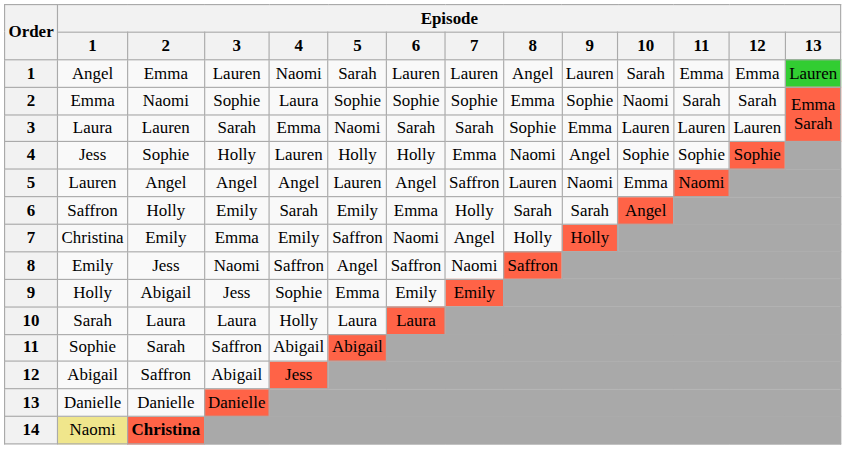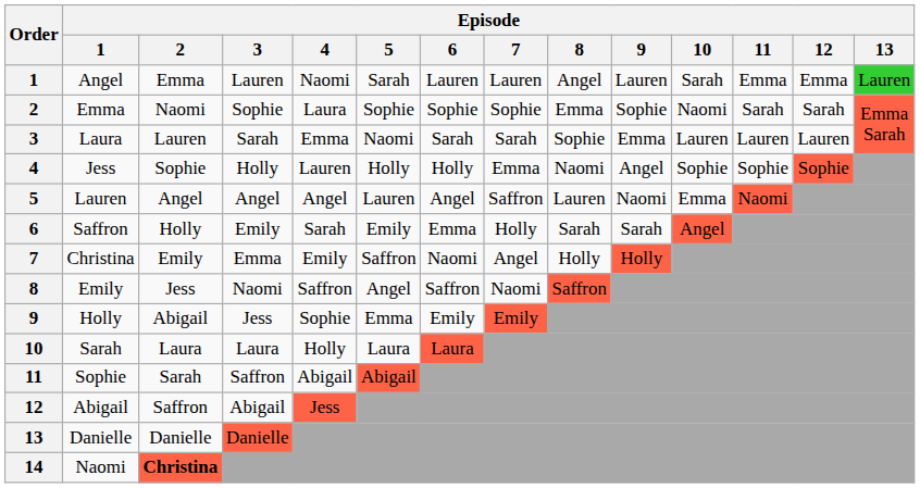 <table class="wikitable" style="text-align:center; font-size:92%">
 <tr>
 <th rowspan=2>Order</th>
 <th colspan=14>Episode</th>
 </tr>
 <tr>
 <th>1</th>
 <th>2</th>
 <th>3</th>
 <th>4</th>
 <th>5</th>
 <th>6</th>
 <th>7</th>
 <th>8</th>
 <th>9</th>
 <th>10</th>
 <th>11</th>
 <th>12</th>
 <th>13</th>
 </tr>
 <tr>
 <th>1</th>
 <td>Angel</td>
 <td>Emma</td>
 <td>Lauren</td>
 <td>Naomi</td>
 <td>Sarah</td>
 <td>Lauren</td>
 <td>Lauren</td>
 <td>Angel</td>
 <td>Lauren</td>
 <td>Sarah</td>
 <td>Emma</td>
 <td>Emma</td>
 <td bgcolor="limegreen">Lauren</td>
 </tr>
 <tr>
 <th>2</th>
 <td>Emma</td>
 <td>Naomi</td>
 <td>Sophie</td>
 <td>Laura</td>
 <td>Sophie</td>
 <td>Sophie</td>
 <td>Sophie</td>
 <td>Emma</td>
 <td>Sophie</td>
 <td>Naomi</td>
 <td>Sarah</td>
 <td>Sarah</td>
 <td rowspan="2" bgcolor="tomato">Emma<br>Sarah</td>
 </tr>
 <tr>
 <th>3</th>
 <td>Laura</td>
 <td>Lauren</td>
 <td>Sarah</td>
 <td>Emma</td>
 <td>Naomi</td>
 <td>Sarah</td>
 <td>Sarah</td>
 <td>Sophie</td>
 <td>Emma</td>
 <td>Lauren</td>
 <td>Lauren</td>
 <td>Lauren</td>
 </tr>
 <tr>
 <th>4</th>
 <td>Jess</td>
 <td>Sophie</td>
 <td>Holly</td>
 <td>Lauren</td>
 <td>Holly</td>
 <td>Holly</td>
 <td>Emma</td>
 <td>Naomi</td>
 <td>Angel</td>
 <td>Sophie</td>
 <td>Sophie</td>
 <td bgcolor="tomato">Sophie</td>
 <td bgcolor="darkgray" colspan="3"></td>
 </tr>
 <tr>
 <th>5</th>
 <td>Lauren</td>
 <td>Angel</td>
 <td>Angel</td>
 <td>Angel</td>
 <td>Lauren</td>
 <td>Angel</td>
 <td>Saffron</td>
 <td>Lauren</td>
 <td>Naomi</td>
 <td>Emma</td>
 <td bgcolor="tomato">Naomi</td>
 <td bgcolor="darkgray" colspan="5"></td>
 </tr>
 <tr>
 <th>6</th>
 <td>Saffron</td>
 <td>Holly</td>
 <td>Emily</td>
 <td>Sarah</td>
 <td>Emily</td>
 <td>Emma</td>
 <td>Holly</td>
 <td>Sarah</td>
 <td>Sarah</td>
 <td bgcolor="tomato">Angel</td>
 <td bgcolor="darkgray" colspan="6"></td>
 </tr>
 <tr>
 <th>7</th>
 <td>Christina</td>
 <td>Emily</td>
 <td>Emma</td>
 <td>Emily</td>
 <td>Saffron</td>
 <td>Naomi</td>
 <td>Angel</td>
 <td>Holly</td>
 <td bgcolor="tomato">Holly</td>
 <td bgcolor="darkgray" colspan="7"></td>
 </tr>
 <tr>
 <th>8</th>
 <td>Emily</td>
 <td>Jess</td>
 <td>Naomi</td>
 <td>Saffron</td>
 <td>Angel</td>
 <td>Saffron</td>
 <td>Naomi</td>
 <td bgcolor="tomato">Saffron</td>
 <td bgcolor="darkgray" colspan="8"></td>
 </tr>
 <tr>
 <th>9</th>
 <td>Holly</td>
 <td>Abigail</td>
 <td>Jess</td>
 <td>Sophie</td>
 <td>Emma</td>
 <td>Emily</td>
 <td bgcolor="tomato">Emily</td>
 <td bgcolor="darkgray" colspan="9"></td>
 </tr>
 <tr>
 <th>10</th>
 <td>Sarah</td>
 <td>Laura</td>
 <td>Laura</td>
 <td>Holly</td>
 <td>Laura</td>
 <td bgcolor="tomato">Laura</td>
 <td bgcolor="darkgray" colspan="10"></td>
 </tr>
 <tr>
 <th>11</th>
 <td>Sophie</td>
 <td>Sarah</td>
 <td>Saffron</td>
 <td>Abigail</td>
 <td bgcolor="tomato">Abigail</td>
 <td bgcolor="darkgray" colspan="11"></td>
 </tr>
 <tr>
 <th>12</th>
 <td>Abigail</td>
 <td>Saffron</td>
 <td>Abigail</td>
 <td bgcolor="tomato">Jess</td>
 <td bgcolor="darkgray" colspan="12"></td>
 </tr>
 <tr>
 <th>13</th>
 <td>Danielle</td>
 <td>Danielle</td>
 <td bgcolor="tomato">Danielle</td>
 <td bgcolor="darkgray" colspan="13"></td>
 </tr>
 <tr>
 <th>14</th>
-<td style="background: khaki;">Naomi</td>
+<td>Naomi</td>
 <td bgcolor="tomato"><strong>Christina</strong></td>
 <td bgcolor="darkgray" colspan="14"></td>
 </tr>
 </table>
